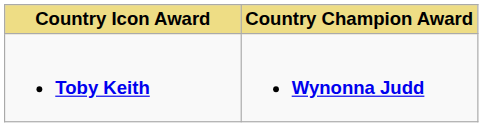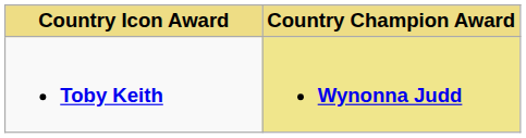 <table class="wikitable">
 <tr>
 <th width="50%" style="background:#EEDD85;">Country Icon Award</th>
 <th width="50%" style="background:#EEDD85;">Country Champion Award</th>
 </tr>
 <tr>
 <td valign="top"><br><ul><li><strong><a href='#'>Toby Keith</a></strong></li></ul></td>
-<td><br><ul><li><strong><a href='#'>Wynonna Judd</a></strong></li></ul></td>
+<td style="background: khaki;"><br><ul><li><strong><a href='#'>Wynonna Judd</a></strong></li></ul></td>
 </tr>
 </table>
